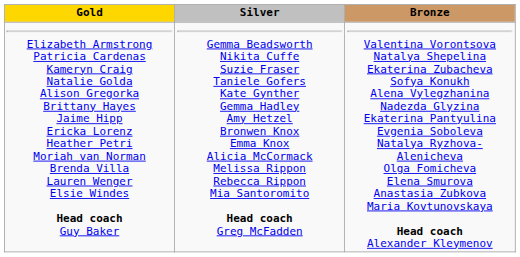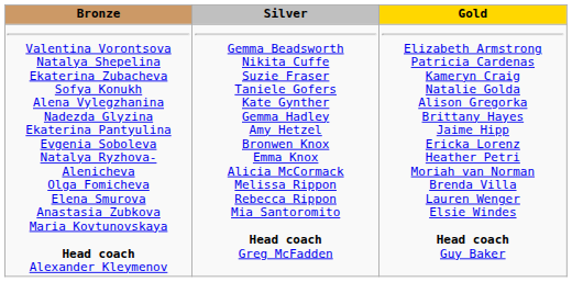 <table class="wikitable" style="font-size:95%;">
 <tr>
+<th style="text-align:center; width:15em; background-color:#CC9966;">Bronze</th>
+<th style="text-align:center; width:15em; background-color:silver;">Silver</th>
 <th style="text-align:center; width:15em; background-color:gold;">Gold</th>
-<th style="text-align:center; width:15em; background-color:silver;">Silver</th>
-<th style="text-align:center; width:15em; background-color:#CC9966;">Bronze</th>
 </tr>
 <tr>
+<td style="text-align:center; vertical-align:top;"><strong></strong><hr><a href='#'>Valentina Vorontsova</a><br><a href='#'>Natalya Shepelina</a><br><a href='#'>Ekaterina Zubacheva</a><br><a href='#'>Sofya Konukh</a><br><a href='#'>Alena Vylegzhanina</a><br><a href='#'>Nadezda Glyzina</a><br><a href='#'>Ekaterina Pantyulina</a><br><a href='#'>Evgenia Soboleva</a><br><a href='#'>Natalya Ryzhova-Alenicheva</a><br><a href='#'>Olga Fomicheva</a><br><a href='#'>Elena Smurova</a><br><a href='#'>Anastasia Zubkova</a><br><a href='#'>Maria Kovtunovskaya</a><br><br><strong>Head coach</strong><br><a href='#'>Alexander Kleymenov</a></td>
+<td style="text-align:center; vertical-align:top;"><strong></strong><hr><a href='#'>Gemma Beadsworth</a><br><a href='#'>Nikita Cuffe</a><br><a href='#'>Suzie Fraser</a><br><a href='#'>Taniele Gofers</a><br><a href='#'>Kate Gynther</a><br><a href='#'>Gemma Hadley</a><br><a href='#'>Amy Hetzel</a><br><a href='#'>Bronwen Knox</a><br><a href='#'>Emma Knox</a><br><a href='#'>Alicia McCormack</a><br><a href='#'>Melissa Rippon</a><br><a href='#'>Rebecca Rippon</a><br><a href='#'>Mia Santoromito</a><br><br><strong>Head coach</strong><br><a href='#'>Greg McFadden</a></td>
 <td style="text-align:center; vertical-align:top;"><strong></strong><hr><a href='#'>Elizabeth Armstrong</a><br><a href='#'>Patricia Cardenas</a><br><a href='#'>Kameryn Craig</a><br><a href='#'>Natalie Golda</a><br><a href='#'>Alison Gregorka</a><br><a href='#'>Brittany Hayes</a><br><a href='#'>Jaime Hipp</a><br><a href='#'>Ericka Lorenz</a><br><a href='#'>Heather Petri</a><br><a href='#'>Moriah van Norman</a><br><a href='#'>Brenda Villa</a><br><a href='#'>Lauren Wenger</a><br><a href='#'>Elsie Windes</a><br><br><strong>Head coach</strong><br><a href='#'>Guy Baker</a></td>
-<td style="text-align:center; vertical-align:top;"><strong></strong><hr><a href='#'>Gemma Beadsworth</a><br><a href='#'>Nikita Cuffe</a><br><a href='#'>Suzie Fraser</a><br><a href='#'>Taniele Gofers</a><br><a href='#'>Kate Gynther</a><br><a href='#'>Gemma Hadley</a><br><a href='#'>Amy Hetzel</a><br><a href='#'>Bronwen Knox</a><br><a href='#'>Emma Knox</a><br><a href='#'>Alicia McCormack</a><br><a href='#'>Melissa Rippon</a><br><a href='#'>Rebecca Rippon</a><br><a href='#'>Mia Santoromito</a><br><br><strong>Head coach</strong><br><a href='#'>Greg McFadden</a></td>
-<td style="text-align:center; vertical-align:top;"><strong></strong><hr><a href='#'>Valentina Vorontsova</a><br><a href='#'>Natalya Shepelina</a><br><a href='#'>Ekaterina Zubacheva</a><br><a href='#'>Sofya Konukh</a><br><a href='#'>Alena Vylegzhanina</a><br><a href='#'>Nadezda Glyzina</a><br><a href='#'>Ekaterina Pantyulina</a><br><a href='#'>Evgenia Soboleva</a><br><a href='#'>Natalya Ryzhova-Alenicheva</a><br><a href='#'>Olga Fomicheva</a><br><a href='#'>Elena Smurova</a><br><a href='#'>Anastasia Zubkova</a><br><a href='#'>Maria Kovtunovskaya</a><br><br><strong>Head coach</strong><br><a href='#'>Alexander Kleymenov</a></td>
 </tr>
 </table>
